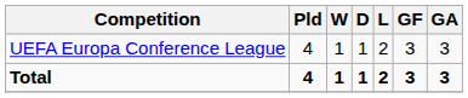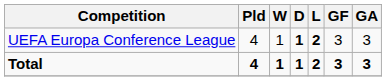 <table class="wikitable">
 <tr>
 <th>Competition</th>
 <th>Pld</th>
 <th>W</th>
 <th>D</th>
 <th>L</th>
 <th>GF</th>
 <th>GA</th>
 </tr>
 <tr>
 <td><a href='#'>UEFA Europa Conference League</a></td>
 <td style="text-align:center;">4</td>
 <td style="text-align:center;">1</td>
-<td style="text-align:center;">1</td>
-<td style="text-align:center;">2</td>
+<td style="text-align:center;"><strong>1</strong></td>
+<td style="text-align:center;"><strong>2</strong></td>
 <td style="text-align:center;">3</td>
 <td style="text-align:center;">3</td>
 </tr>
 <tr>
 <td><strong>Total</strong></td>
 <td style="text-align:center;"><strong>4</strong></td>
 <td style="text-align:center;"><strong>1</strong></td>
 <td style="text-align:center;"><strong>1</strong></td>
 <td style="text-align:center;"><strong>2</strong></td>
 <td style="text-align:center;"><strong>3</strong></td>
 <td style="text-align:center;"><strong>3</strong></td>
 </tr>
 <tr>
 </tr>
 </table>
